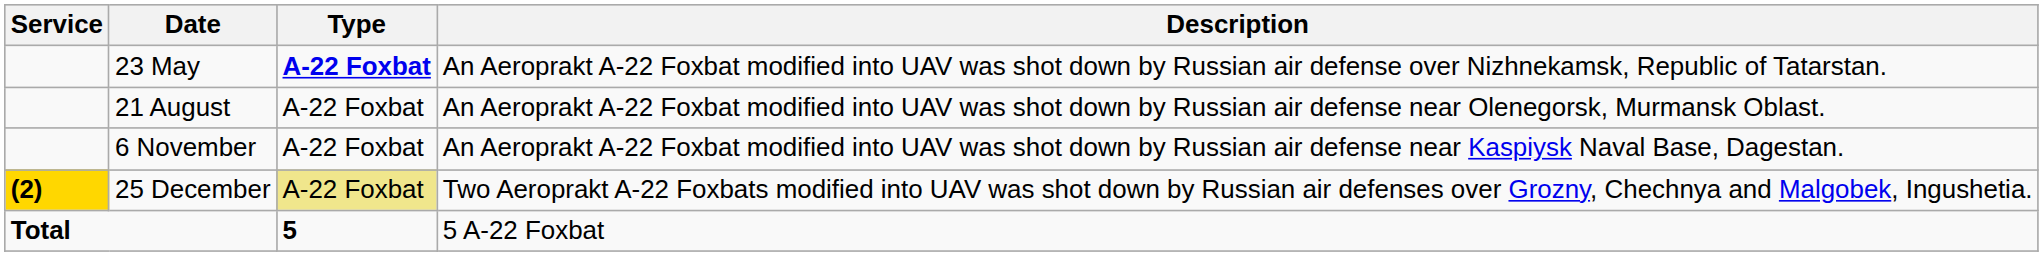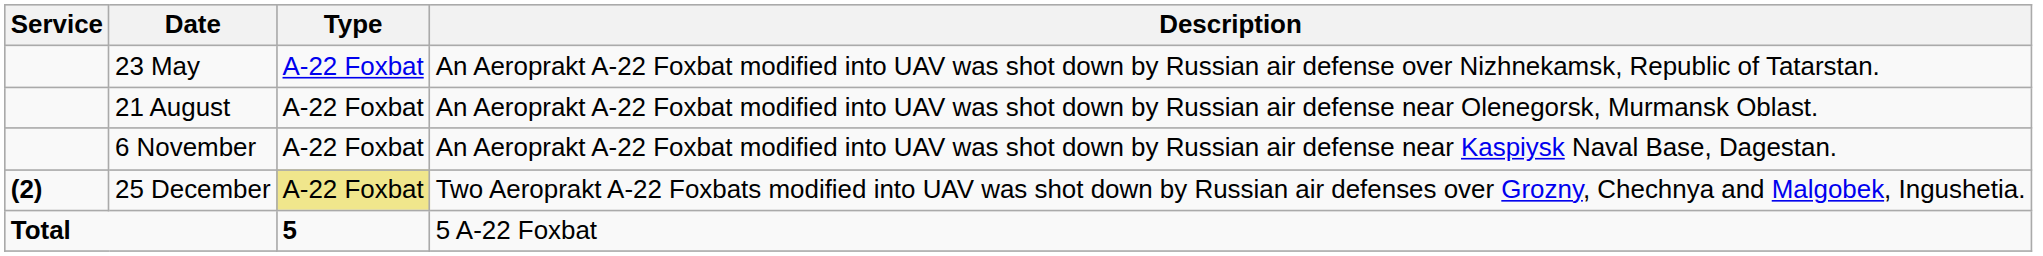 <table class="wikitable">
 <tr>
 <th>Service</th>
 <th>Date</th>
 <th>Type</th>
 <th>Description</th>
 </tr>
 <tr>
 <td></td>
 <td>23 May</td>
-<td><strong><a href='#'>A-22 Foxbat</a></strong></td>
+<td><a href='#'>A-22 Foxbat</a></td>
 <td>An Aeroprakt A-22 Foxbat modified into UAV was shot down by Russian air defense over Nizhnekamsk, Republic of Tatarstan.</td>
 </tr>
 <tr>
 <td></td>
 <td>21 August</td>
 <td>A-22 Foxbat</td>
 <td>An Aeroprakt A-22 Foxbat modified into UAV was shot down by Russian air defense near Olenegorsk, Murmansk Oblast.</td>
 </tr>
 <tr>
 <td></td>
 <td>6 November</td>
 <td>A-22 Foxbat</td>
 <td>An Aeroprakt A-22 Foxbat modified into UAV was shot down by Russian air defense near <a href='#'>Kaspiysk</a> Naval Base, Dagestan.</td>
 </tr>
 <tr>
-<td style="background: gold;"> <strong>(2)</strong></td>
+<td> <strong>(2)</strong></td>
 <td>25 December</td>
 <td style="background: khaki;">A-22 Foxbat</td>
 <td>Two Aeroprakt A-22 Foxbats modified into UAV was shot down by Russian air defenses over <a href='#'>Grozny</a>, Chechnya and <a href='#'>Malgobek</a>, Ingushetia.</td>
 </tr>
 <tr>
 <td colspan="2"><strong>Total</strong></td>
 <td><strong>5</strong></td>
 <td>5 A-22 Foxbat</td>
 </tr>
 </table>
